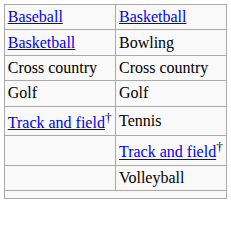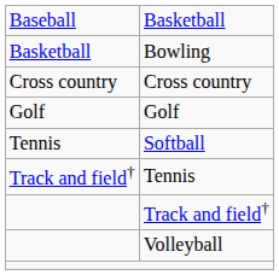 <table class="wikitable" style="float:right; clear:right; margin:0 0 1em 1em;">
 <tr>
 </tr>
 <tr>
 <td><a href='#'>Baseball</a></td>
 <td><a href='#'>Basketball</a></td>
 </tr>
 <tr>
 <td><a href='#'>Basketball</a></td>
 <td>Bowling</td>
 </tr>
 <tr>
 <td>Cross country</td>
 <td>Cross country</td>
 </tr>
 <tr>
 <td>Golf</td>
 <td>Golf</td>
 </tr>
 <tr>
+<td>Tennis</td>
+<td><a href='#'>Softball</a></td>
+</tr>
+<tr>
 <td><a href='#'>Track and field</a><sup>†</sup></td>
 <td>Tennis</td>
 </tr>
 <tr>
 <td></td>
 <td><a href='#'>Track and field</a><sup>†</sup></td>
 </tr>
 <tr>
 <td></td>
 <td>Volleyball</td>
 </tr>
 <tr>
 <td colspan="2"></td>
 </tr>
 </table>
